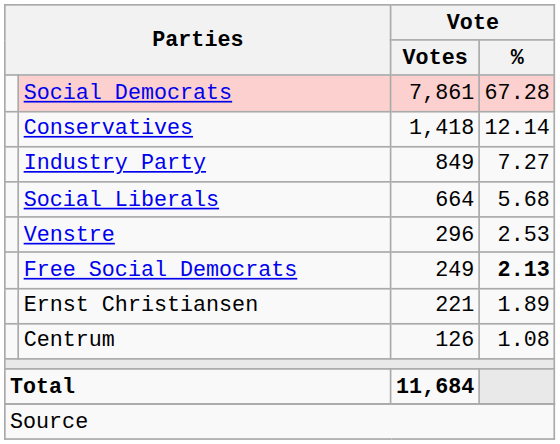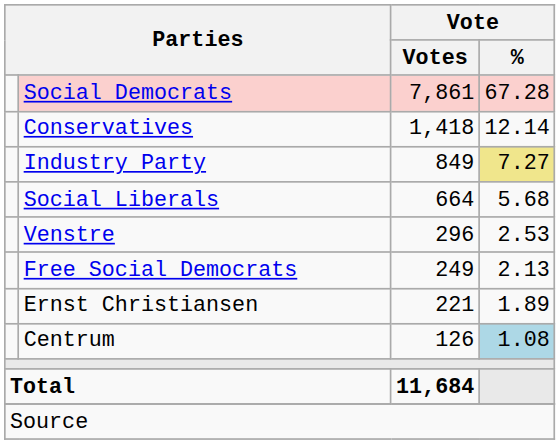 <table class="wikitable" style="text-align:right;">
 <tr>
 <th style="text-align:centre;" rowspan="2" colspan="2" width="225">Parties</th>
 <th colspan="3">Vote</th>
 </tr>
 <tr>
 <th width="15">Votes</th>
 <th width="15">%</th>
 </tr>
 <tr>
 <td width="2" style="color:inherit;background:"></td>
 <td bgcolor=#fbd0ce  align="left"><a href='#'>Social Democrats</a></td>
 <td bgcolor=#fbd0ce>7,861</td>
 <td bgcolor=#fbd0ce>67.28</td>
 </tr>
 <tr>
 <td width="2" style="color:inherit;background:"></td>
 <td align="left"><a href='#'>Conservatives</a></td>
 <td>1,418</td>
 <td>12.14</td>
 </tr>
 <tr>
 <td width="2" style="color:inherit;background:"></td>
 <td align="left"><a href='#'>Industry Party</a></td>
 <td>849</td>
-<td>7.27</td>
+<td style="background: khaki;">7.27</td>
 </tr>
 <tr>
 <td width="2" style="color:inherit;background:"></td>
 <td align="left"><a href='#'>Social Liberals</a></td>
 <td>664</td>
 <td>5.68</td>
 </tr>
 <tr>
 <td width="2" style="color:inherit;background:"></td>
 <td align="left"><a href='#'>Venstre</a></td>
 <td>296</td>
 <td>2.53</td>
 </tr>
 <tr>
 <td width="2" style="color:inherit;background:"></td>
 <td align="left"><a href='#'>Free Social Democrats</a></td>
 <td>249</td>
-<td><strong>2.13</strong></td>
+<td>2.13</td>
 </tr>
 <tr>
 <td width="2" style="color:inherit;background:"></td>
 <td align="left">Ernst Christiansen</td>
 <td>221</td>
 <td>1.89</td>
 </tr>
 <tr>
 <td width="2" style="color:inherit;background:"></td>
 <td align="left">Centrum</td>
 <td>126</td>
-<td>1.08</td>
+<td style="background: lightblue;">1.08</td>
 </tr>
 <tr>
 <td colspan="7" bgcolor="#E9E9E9"></td>
 </tr>
 <tr>
 <td align="left" colspan="2"><strong>Total</strong></td>
 <td><strong>11,684</strong></td>
 <td bgcolor="#E9E9E9" colspan="2"></td>
 </tr>
 <tr>
 </tr>
 <tr>
 <td align="left" colspan="6">Source</td>
 </tr>
 </table>
